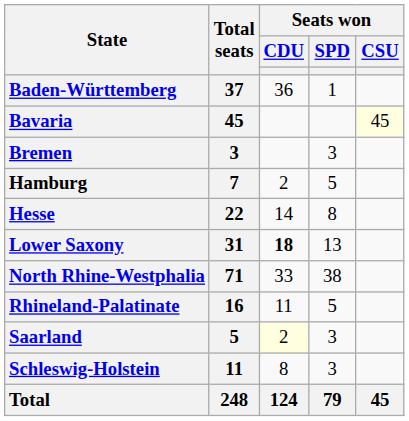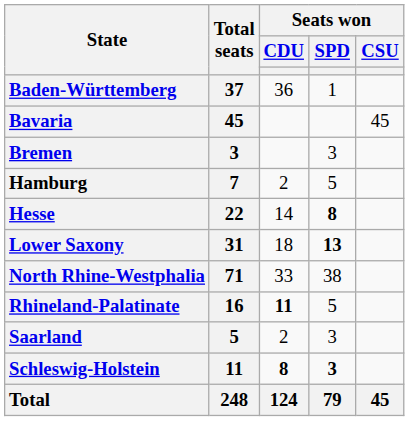 <table class="wikitable" style="text-align:center; font-size: 0.9em;">
 <tr>
 <th rowspan="3">State</th>
 <th rowspan="3">Total<br>seats</th>
 <th colspan="3">Seats won</th>
 </tr>
 <tr>
 <th class="unsortable" style="width:30px;"><a href='#'>CDU</a></th>
 <th class="unsortable" style="width:30px;"><a href='#'>SPD</a></th>
 <th class="unsortable" style="width:30px;"><a href='#'>CSU</a></th>
 </tr>
 <tr>
 <th style="background:"></th>
 <th style="background:"></th>
 <th style="background:"></th>
 </tr>
 <tr>
 <th style="text-align: left;"><a href='#'>Baden-Württemberg</a></th>
 <th>37</th>
 <td>36</td>
 <td>1</td>
 <td></td>
 </tr>
 <tr>
 <th style="text-align: left;"><a href='#'>Bavaria</a></th>
 <th>45</th>
 <td></td>
 <td></td>
-<td style="background: lightyellow;">45</td>
+<td>45</td>
 </tr>
 <tr>
 <th style="text-align: left;"><a href='#'>Bremen</a></th>
 <th>3</th>
 <td></td>
 <td>3</td>
 <td></td>
 </tr>
 <tr>
 <th style="text-align: left;">Hamburg</th>
 <th>7</th>
 <td>2</td>
 <td>5</td>
 <td></td>
 </tr>
 <tr>
 <th style="text-align: left;"><a href='#'>Hesse</a></th>
 <th>22</th>
 <td>14</td>
-<td>8</td>
+<td><strong>8</strong></td>
 <td></td>
 </tr>
 <tr>
 <th style="text-align: left;"><a href='#'>Lower Saxony</a></th>
 <th>31</th>
-<td><strong>18</strong></td>
-<td>13</td>
+<td>18</td>
+<td><strong>13</strong></td>
 <td></td>
 </tr>
 <tr>
 <th style="text-align: left;"><a href='#'>North Rhine-Westphalia</a></th>
 <th>71</th>
 <td>33</td>
 <td>38</td>
 <td></td>
 </tr>
 <tr>
 <th style="text-align: left;"><a href='#'>Rhineland-Palatinate</a></th>
 <th>16</th>
-<td>11</td>
+<td><strong>11</strong></td>
 <td>5</td>
 <td></td>
 </tr>
 <tr>
 <th style="text-align: left;"><a href='#'>Saarland</a></th>
 <th>5</th>
-<td style="background: lightyellow;">2</td>
+<td>2</td>
 <td>3</td>
 <td></td>
 </tr>
 <tr>
 <th style="text-align: left;"><a href='#'>Schleswig-Holstein</a></th>
 <th>11</th>
-<td>8</td>
-<td>3</td>
+<td><strong>8</strong></td>
+<td><strong>3</strong></td>
 <td></td>
 </tr>
 <tr class="sortbottom">
 <th style="text-align: left;">Total</th>
 <th>248</th>
 <th>124</th>
 <th>79</th>
 <th>45</th>
 </tr>
 </table>
